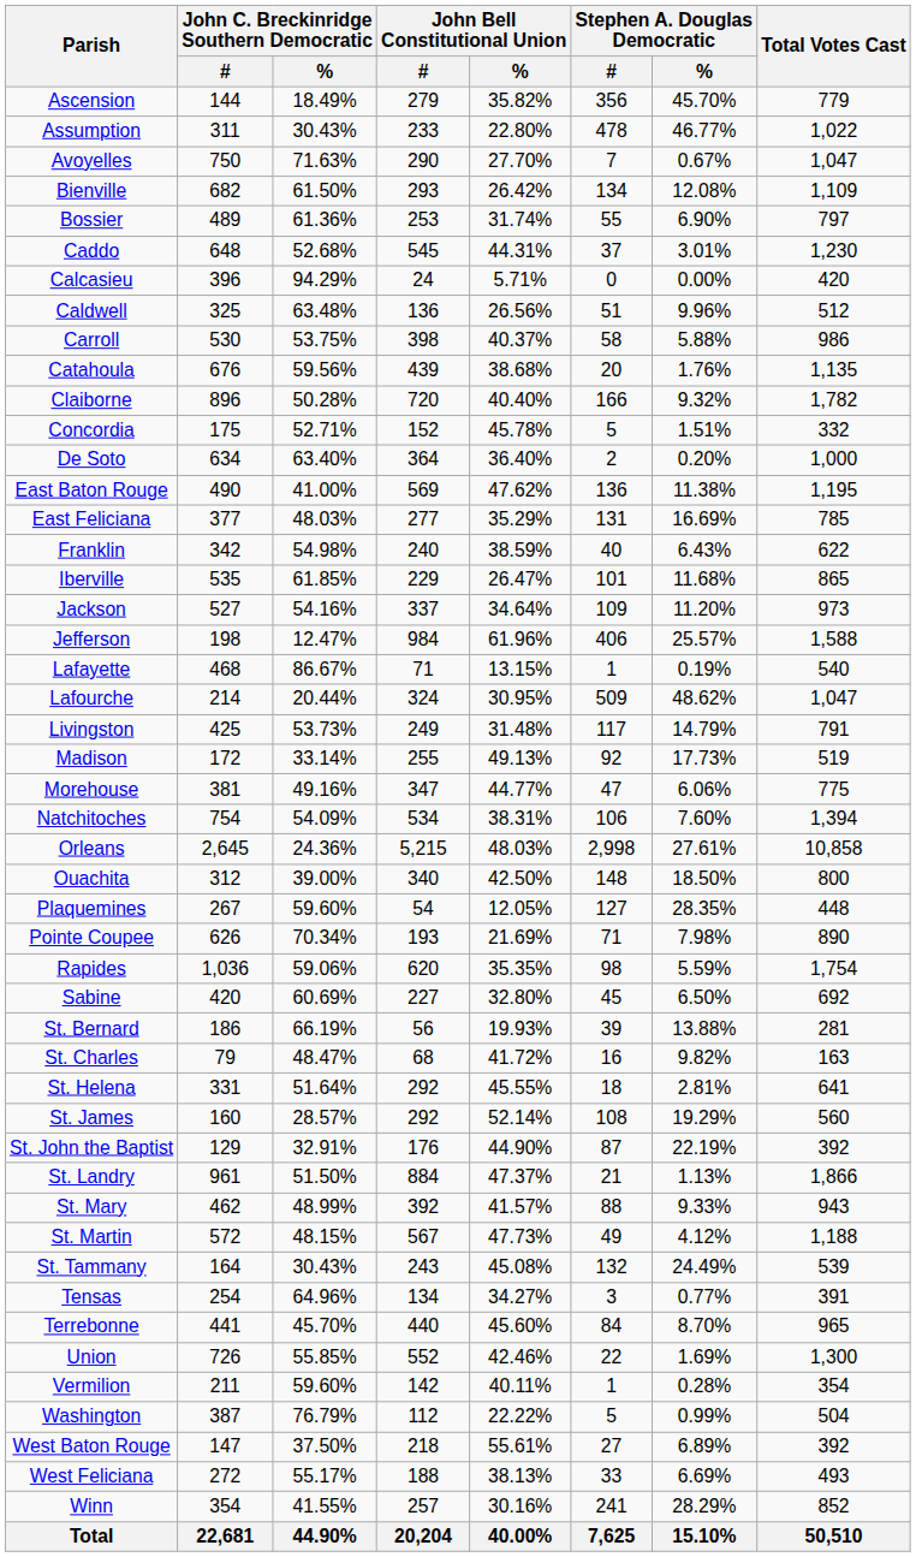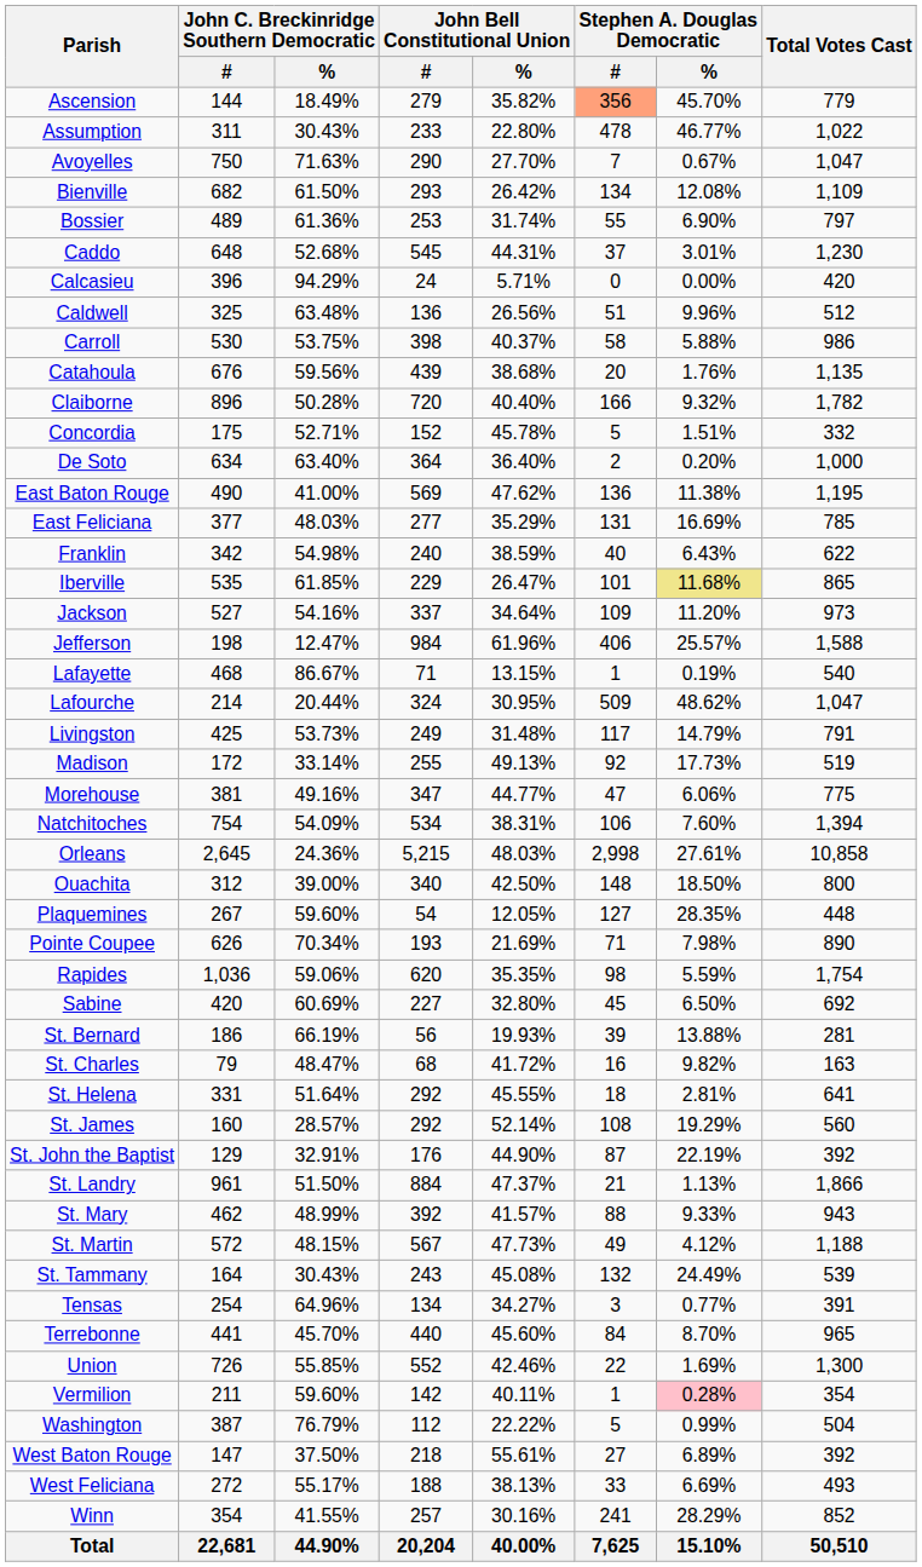 <table class="wikitable sortable">
 <tr>
 <th rowspan="2">Parish</th>
 <th colspan="2">John C. Breckinridge<br>Southern Democratic</th>
 <th colspan="2">John Bell<br>Constitutional Union</th>
 <th colspan="2">Stephen A. Douglas<br>Democratic</th>
 <th rowspan="2">Total Votes Cast</th>
 </tr>
 <tr style="text-align:center;">
 <th>#</th>
 <th>%</th>
 <th>#</th>
 <th>%</th>
 <th>#</th>
 <th>%</th>
 </tr>
 <tr style="text-align:center;">
 <td><a href='#'>Ascension</a></td>
 <td>144</td>
 <td>18.49%</td>
 <td>279</td>
 <td>35.82%</td>
-<td>356</td>
+<td style="background: lightsalmon;">356</td>
 <td>45.70%</td>
 <td>779</td>
 </tr>
 <tr style="text-align:center;">
 <td><a href='#'>Assumption</a></td>
 <td>311</td>
 <td>30.43%</td>
 <td>233</td>
 <td>22.80%</td>
 <td>478</td>
 <td>46.77%</td>
 <td>1,022</td>
 </tr>
 <tr style="text-align:center;">
 <td><a href='#'>Avoyelles</a></td>
 <td>750</td>
 <td>71.63%</td>
 <td>290</td>
 <td>27.70%</td>
 <td>7</td>
 <td>0.67%</td>
 <td>1,047</td>
 </tr>
 <tr style="text-align:center;">
 <td><a href='#'>Bienville</a></td>
 <td>682</td>
 <td>61.50%</td>
 <td>293</td>
 <td>26.42%</td>
 <td>134</td>
 <td>12.08%</td>
 <td>1,109</td>
 </tr>
 <tr style="text-align:center;">
 <td><a href='#'>Bossier</a></td>
 <td>489</td>
 <td>61.36%</td>
 <td>253</td>
 <td>31.74%</td>
 <td>55</td>
 <td>6.90%</td>
 <td>797</td>
 </tr>
 <tr style="text-align:center;">
 <td><a href='#'>Caddo</a></td>
 <td>648</td>
 <td>52.68%</td>
 <td>545</td>
 <td>44.31%</td>
 <td>37</td>
 <td>3.01%</td>
 <td>1,230</td>
 </tr>
 <tr style="text-align:center;">
 <td><a href='#'>Calcasieu</a></td>
 <td>396</td>
 <td>94.29%</td>
 <td>24</td>
 <td>5.71%</td>
 <td>0</td>
 <td>0.00%</td>
 <td>420</td>
 </tr>
 <tr style="text-align:center;">
 <td><a href='#'>Caldwell</a></td>
 <td>325</td>
 <td>63.48%</td>
 <td>136</td>
 <td>26.56%</td>
 <td>51</td>
 <td>9.96%</td>
 <td>512</td>
 </tr>
 <tr style="text-align:center;">
 <td><a href='#'>Carroll</a></td>
 <td>530</td>
 <td>53.75%</td>
 <td>398</td>
 <td>40.37%</td>
 <td>58</td>
 <td>5.88%</td>
 <td>986</td>
 </tr>
 <tr style="text-align:center;">
 <td><a href='#'>Catahoula</a></td>
 <td>676</td>
 <td>59.56%</td>
 <td>439</td>
 <td>38.68%</td>
 <td>20</td>
 <td>1.76%</td>
 <td>1,135</td>
 </tr>
 <tr style="text-align:center;">
 <td><a href='#'>Claiborne</a></td>
 <td>896</td>
 <td>50.28%</td>
 <td>720</td>
 <td>40.40%</td>
 <td>166</td>
 <td>9.32%</td>
 <td>1,782</td>
 </tr>
 <tr style="text-align:center;">
 <td><a href='#'>Concordia</a></td>
 <td>175</td>
 <td>52.71%</td>
 <td>152</td>
 <td>45.78%</td>
 <td>5</td>
 <td>1.51%</td>
 <td>332</td>
 </tr>
 <tr style="text-align:center;">
 <td><a href='#'>De Soto</a></td>
 <td>634</td>
 <td>63.40%</td>
 <td>364</td>
 <td>36.40%</td>
 <td>2</td>
 <td>0.20%</td>
 <td>1,000</td>
 </tr>
 <tr style="text-align:center;">
 <td><a href='#'>East Baton Rouge</a></td>
 <td>490</td>
 <td>41.00%</td>
 <td>569</td>
 <td>47.62%</td>
 <td>136</td>
 <td>11.38%</td>
 <td>1,195</td>
 </tr>
 <tr style="text-align:center;">
 <td><a href='#'>East Feliciana</a></td>
 <td>377</td>
 <td>48.03%</td>
 <td>277</td>
 <td>35.29%</td>
 <td>131</td>
 <td>16.69%</td>
 <td>785</td>
 </tr>
 <tr style="text-align:center;">
 <td><a href='#'>Franklin</a></td>
 <td>342</td>
 <td>54.98%</td>
 <td>240</td>
 <td>38.59%</td>
 <td>40</td>
 <td>6.43%</td>
 <td>622</td>
 </tr>
 <tr style="text-align:center;">
 <td><a href='#'>Iberville</a></td>
 <td>535</td>
 <td>61.85%</td>
 <td>229</td>
 <td>26.47%</td>
 <td>101</td>
-<td>11.68%</td>
+<td style="background: khaki;">11.68%</td>
 <td>865</td>
 </tr>
 <tr style="text-align:center;">
 <td><a href='#'>Jackson</a></td>
 <td>527</td>
 <td>54.16%</td>
 <td>337</td>
 <td>34.64%</td>
 <td>109</td>
 <td>11.20%</td>
 <td>973</td>
 </tr>
 <tr style="text-align:center;">
 <td><a href='#'>Jefferson</a></td>
 <td>198</td>
 <td>12.47%</td>
 <td>984</td>
 <td>61.96%</td>
 <td>406</td>
 <td>25.57%</td>
 <td>1,588</td>
 </tr>
 <tr style="text-align:center;">
 <td><a href='#'>Lafayette</a></td>
 <td>468</td>
 <td>86.67%</td>
 <td>71</td>
 <td>13.15%</td>
 <td>1</td>
 <td>0.19%</td>
 <td>540</td>
 </tr>
 <tr style="text-align:center;">
 <td><a href='#'>Lafourche</a></td>
 <td>214</td>
 <td>20.44%</td>
 <td>324</td>
 <td>30.95%</td>
 <td>509</td>
 <td>48.62%</td>
 <td>1,047</td>
 </tr>
 <tr style="text-align:center;">
 <td><a href='#'>Livingston</a></td>
 <td>425</td>
 <td>53.73%</td>
 <td>249</td>
 <td>31.48%</td>
 <td>117</td>
 <td>14.79%</td>
 <td>791</td>
 </tr>
 <tr style="text-align:center;">
 <td><a href='#'>Madison</a></td>
 <td>172</td>
 <td>33.14%</td>
 <td>255</td>
 <td>49.13%</td>
 <td>92</td>
 <td>17.73%</td>
 <td>519</td>
 </tr>
 <tr style="text-align:center;">
 <td><a href='#'>Morehouse</a></td>
 <td>381</td>
 <td>49.16%</td>
 <td>347</td>
 <td>44.77%</td>
 <td>47</td>
 <td>6.06%</td>
 <td>775</td>
 </tr>
 <tr style="text-align:center;">
 <td><a href='#'>Natchitoches</a></td>
 <td>754</td>
 <td>54.09%</td>
 <td>534</td>
 <td>38.31%</td>
 <td>106</td>
 <td>7.60%</td>
 <td>1,394</td>
 </tr>
 <tr style="text-align:center;">
 <td><a href='#'>Orleans</a></td>
 <td>2,645</td>
 <td>24.36%</td>
 <td>5,215</td>
 <td>48.03%</td>
 <td>2,998</td>
 <td>27.61%</td>
 <td>10,858</td>
 </tr>
 <tr style="text-align:center;">
 <td><a href='#'>Ouachita</a></td>
 <td>312</td>
 <td>39.00%</td>
 <td>340</td>
 <td>42.50%</td>
 <td>148</td>
 <td>18.50%</td>
 <td>800</td>
 </tr>
 <tr style="text-align:center;">
 <td><a href='#'>Plaquemines</a></td>
 <td>267</td>
 <td>59.60%</td>
 <td>54</td>
 <td>12.05%</td>
 <td>127</td>
 <td>28.35%</td>
 <td>448</td>
 </tr>
 <tr style="text-align:center;">
 <td><a href='#'>Pointe Coupee</a></td>
 <td>626</td>
 <td>70.34%</td>
 <td>193</td>
 <td>21.69%</td>
 <td>71</td>
 <td>7.98%</td>
 <td>890</td>
 </tr>
 <tr style="text-align:center;">
 <td><a href='#'>Rapides</a></td>
 <td>1,036</td>
 <td>59.06%</td>
 <td>620</td>
 <td>35.35%</td>
 <td>98</td>
 <td>5.59%</td>
 <td>1,754</td>
 </tr>
 <tr style="text-align:center;">
 <td><a href='#'>Sabine</a></td>
 <td>420</td>
 <td>60.69%</td>
 <td>227</td>
 <td>32.80%</td>
 <td>45</td>
 <td>6.50%</td>
 <td>692</td>
 </tr>
 <tr style="text-align:center;">
 <td><a href='#'>St. Bernard</a></td>
 <td>186</td>
 <td>66.19%</td>
 <td>56</td>
 <td>19.93%</td>
 <td>39</td>
 <td>13.88%</td>
 <td>281</td>
 </tr>
 <tr style="text-align:center;">
 <td><a href='#'>St. Charles</a></td>
 <td>79</td>
 <td>48.47%</td>
 <td>68</td>
 <td>41.72%</td>
 <td>16</td>
 <td>9.82%</td>
 <td>163</td>
 </tr>
 <tr style="text-align:center;">
 <td><a href='#'>St. Helena</a></td>
 <td>331</td>
 <td>51.64%</td>
 <td>292</td>
 <td>45.55%</td>
 <td>18</td>
 <td>2.81%</td>
 <td>641</td>
 </tr>
 <tr style="text-align:center;">
 <td><a href='#'>St. James</a></td>
 <td>160</td>
 <td>28.57%</td>
 <td>292</td>
 <td>52.14%</td>
 <td>108</td>
 <td>19.29%</td>
 <td>560</td>
 </tr>
 <tr style="text-align:center;">
 <td><a href='#'>St. John the Baptist</a></td>
 <td>129</td>
 <td>32.91%</td>
 <td>176</td>
 <td>44.90%</td>
 <td>87</td>
 <td>22.19%</td>
 <td>392</td>
 </tr>
 <tr style="text-align:center;">
 <td><a href='#'>St. Landry</a></td>
 <td>961</td>
 <td>51.50%</td>
 <td>884</td>
 <td>47.37%</td>
 <td>21</td>
 <td>1.13%</td>
 <td>1,866</td>
 </tr>
 <tr style="text-align:center;">
 <td><a href='#'>St. Mary</a></td>
 <td>462</td>
 <td>48.99%</td>
 <td>392</td>
 <td>41.57%</td>
 <td>88</td>
 <td>9.33%</td>
 <td>943</td>
 </tr>
 <tr style="text-align:center;">
 <td><a href='#'>St. Martin</a></td>
 <td>572</td>
 <td>48.15%</td>
 <td>567</td>
 <td>47.73%</td>
 <td>49</td>
 <td>4.12%</td>
 <td>1,188</td>
 </tr>
 <tr style="text-align:center;">
 <td><a href='#'>St. Tammany</a></td>
 <td>164</td>
 <td>30.43%</td>
 <td>243</td>
 <td>45.08%</td>
 <td>132</td>
 <td>24.49%</td>
 <td>539</td>
 </tr>
 <tr style="text-align:center;">
 <td><a href='#'>Tensas</a></td>
 <td>254</td>
 <td>64.96%</td>
 <td>134</td>
 <td>34.27%</td>
 <td>3</td>
 <td>0.77%</td>
 <td>391</td>
 </tr>
 <tr style="text-align:center;">
 <td><a href='#'>Terrebonne</a></td>
 <td>441</td>
 <td>45.70%</td>
 <td>440</td>
 <td>45.60%</td>
 <td>84</td>
 <td>8.70%</td>
 <td>965</td>
 </tr>
 <tr style="text-align:center;">
 <td><a href='#'>Union</a></td>
 <td>726</td>
 <td>55.85%</td>
 <td>552</td>
 <td>42.46%</td>
 <td>22</td>
 <td>1.69%</td>
 <td>1,300</td>
 </tr>
 <tr style="text-align:center;">
 <td><a href='#'>Vermilion</a></td>
 <td>211</td>
 <td>59.60%</td>
 <td>142</td>
 <td>40.11%</td>
 <td>1</td>
-<td>0.28%</td>
+<td style="background: pink;">0.28%</td>
 <td>354</td>
 </tr>
 <tr style="text-align:center;">
 <td><a href='#'>Washington</a></td>
 <td>387</td>
 <td>76.79%</td>
 <td>112</td>
 <td>22.22%</td>
 <td>5</td>
 <td>0.99%</td>
 <td>504</td>
 </tr>
 <tr style="text-align:center;">
 <td><a href='#'>West Baton Rouge</a></td>
 <td>147</td>
 <td>37.50%</td>
 <td>218</td>
 <td>55.61%</td>
 <td>27</td>
 <td>6.89%</td>
 <td>392</td>
 </tr>
 <tr style="text-align:center;">
 <td><a href='#'>West Feliciana</a></td>
 <td>272</td>
 <td>55.17%</td>
 <td>188</td>
 <td>38.13%</td>
 <td>33</td>
 <td>6.69%</td>
 <td>493</td>
 </tr>
 <tr style="text-align:center;">
 <td><a href='#'>Winn</a></td>
 <td>354</td>
 <td>41.55%</td>
 <td>257</td>
 <td>30.16%</td>
 <td>241</td>
 <td>28.29%</td>
 <td>852</td>
 </tr>
 <tr style="text-align:center;">
 <th>Total</th>
 <th>22,681</th>
 <th>44.90%</th>
 <th>20,204</th>
 <th>40.00%</th>
 <th>7,625</th>
 <th>15.10%</th>
 <th>50,510</th>
 </tr>
 </table>
